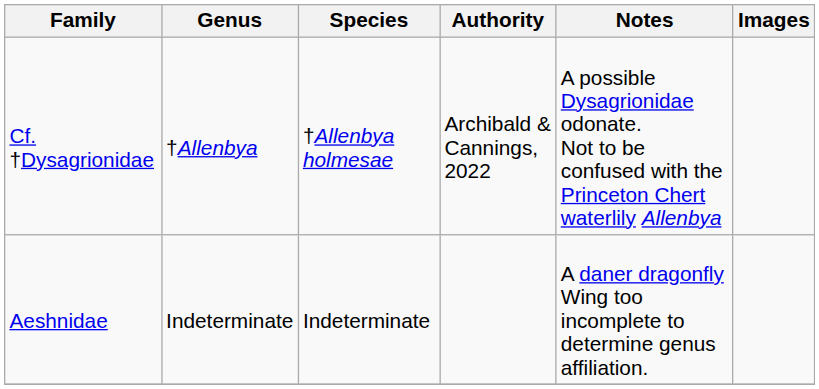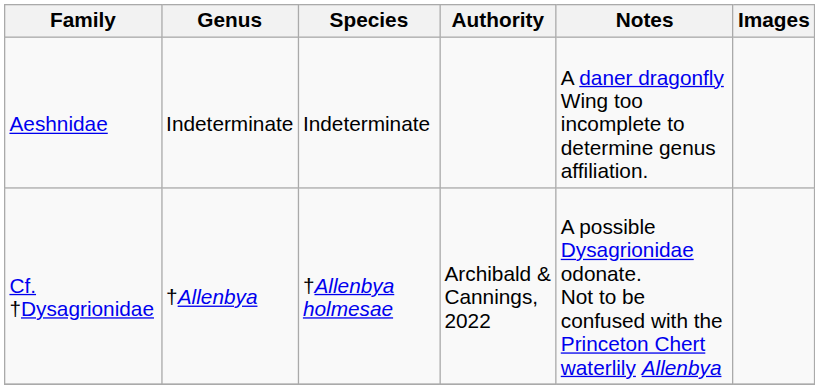 <table class="wikitable sortable"  style="margin:auto; width:100%;">
 <tr>
 <th>Family</th>
 <th>Genus</th>
 <th>Species</th>
 <th>Authority</th>
 <th>Notes</th>
 <th>Images</th>
 </tr>
 <tr>
+<td><br><a href='#'>Aeshnidae</a></td>
+<td><br>Indeterminate</td>
+<td><br>Indeterminate</td>
+<td></td>
+<td><br>A <a href='#'>daner dragonfly</a><br>Wing too incomplete to determine genus affiliation.</td>
+<td></td>
+</tr>
+<tr>
 <td><br><a href='#'>Cf.</a> †<a href='#'>Dysagrionidae</a></td>
 <td><br>†<em><a href='#'>Allenbya</a></em></td>
 <td><br>†<em><a href='#'>Allenbya holmesae</a></em></td>
 <td><br>Archibald & Cannings, 2022</td>
 <td><br>A possible <a href='#'>Dysagrionidae</a> odonate.<br> Not to be confused with the <a href='#'>Princeton Chert</a> <a href='#'>waterlily</a> <em><a href='#'>Allenbya</a></em></td>
 <td><br></td>
 </tr>
 <tr>
-<td><br><a href='#'>Aeshnidae</a></td>
-<td><br>Indeterminate</td>
-<td><br>Indeterminate</td>
-<td></td>
-<td><br>A <a href='#'>daner dragonfly</a><br>Wing too incomplete to determine genus affiliation.</td>
-<td></td>
-</tr>
-<tr>
 </tr>
 </table>
